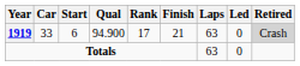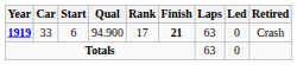 <table class="wikitable" style="text-align:center">
 <tr>
 <th>Year</th>
 <th>Car</th>
 <th>Start</th>
 <th>Qual</th>
 <th>Rank</th>
 <th>Finish</th>
 <th>Laps</th>
 <th>Led</th>
 <th>Retired</th>
 </tr>
 <tr>
 <th><a href='#'>1919</a></th>
 <td>33</td>
 <td>6</td>
 <td>94.900</td>
 <td>17</td>
-<td>21</td>
+<td><strong>21</strong></td>
 <td>63</td>
 <td>0</td>
-<td style="background: lightgrey;">Crash</td>
+<td>Crash</td>
 </tr>
 <tr>
 <td colspan=6><strong>Totals</strong></td>
 <td>63</td>
 <td>0</td>
 <td></td>
 </tr>
 </table>
